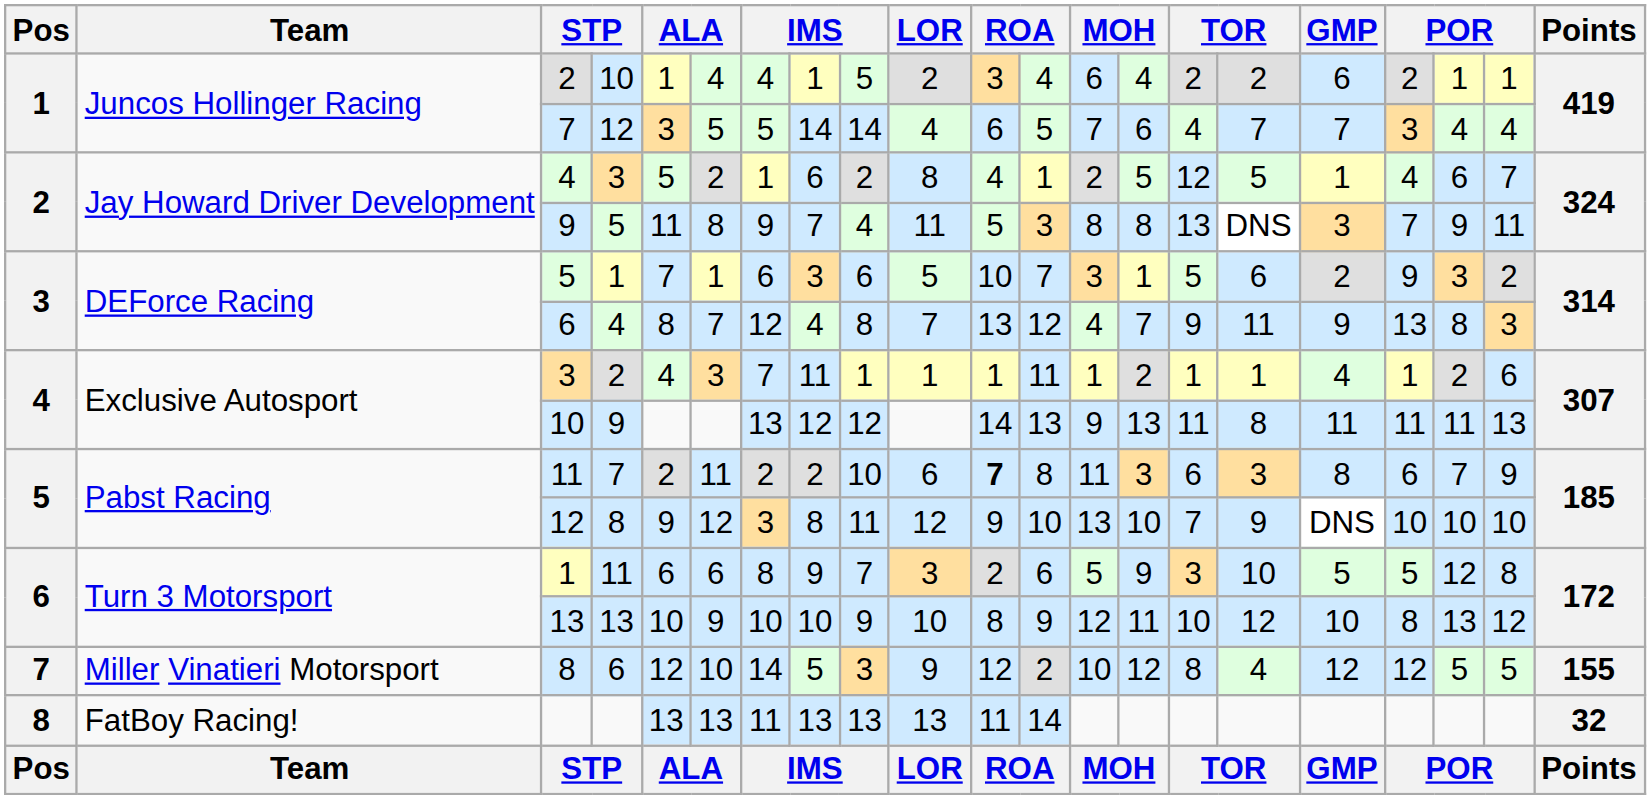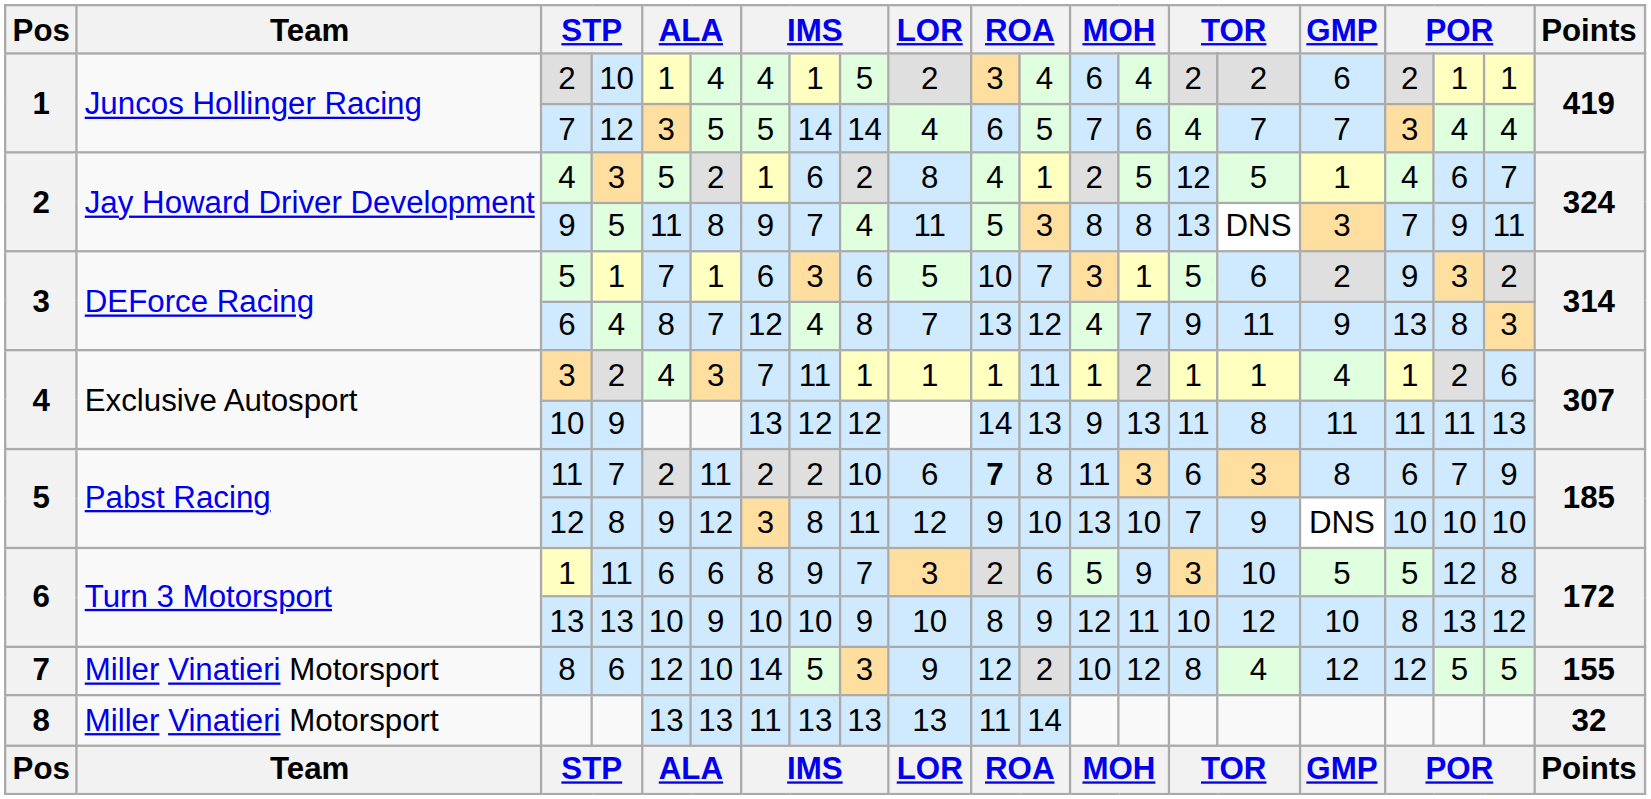 <table class="wikitable" style="font-size:85%; text-align:center">
 <tr>
 <th>Pos</th>
 <th>Team</th>
 <th colspan="2"><a href='#'>STP</a></th>
 <th colspan="2"><a href='#'>ALA</a></th>
 <th colspan="3"><a href='#'>IMS</a></th>
 <th><a href='#'>LOR</a></th>
 <th colspan="2"><a href='#'>ROA</a></th>
 <th colspan="2"><a href='#'>MOH</a></th>
 <th colspan="2"><a href='#'>TOR</a></th>
 <th><a href='#'>GMP</a></th>
 <th colspan="3"><a href='#'>POR</a></th>
 <th>Points</th>
 </tr>
 <tr>
 <th rowspan="2">1</th>
 <td rowspan="2" align="left"><a href='#'>Juncos Hollinger Racing</a></td>
 <td style="background:#DFDFDF;">2</td>
 <td style="background:#CFEAFF;">10</td>
 <td style="background:#FFFFBF;">1</td>
 <td style="background:#DFFFDF;">4</td>
 <td style="background:#DFFFDF;">4</td>
 <td style="background:#FFFFBF;">1</td>
 <td style="background:#DFFFDF;">5</td>
 <td style="background:#DFDFDF;">2</td>
 <td style="background:#FFDF9F;">3</td>
 <td style="background:#DFFFDF;">4</td>
 <td style="background:#CFEAFF;">6</td>
 <td style="background:#DFFFDF;">4</td>
 <td style="background:#DFDFDF;">2</td>
 <td style="background:#DFDFDF;">2</td>
 <td style="background:#CFEAFF;">6</td>
 <td style="background:#DFDFDF;">2</td>
 <td style="background:#FFFFBF;">1</td>
 <td style="background:#FFFFBF;">1</td>
 <th rowspan="2">419</th>
 </tr>
 <tr>
 <td style="background:#CFEAFF;">7</td>
 <td style="background:#CFEAFF;">12</td>
 <td style="background:#FFDF9F;">3</td>
 <td style="background:#DFFFDF;">5</td>
 <td style="background:#DFFFDF;">5</td>
 <td style="background:#CFEAFF;">14</td>
 <td style="background:#CFEAFF;">14</td>
 <td style="background:#DFFFDF;">4</td>
 <td style="background:#CFEAFF;">6</td>
 <td style="background:#DFFFDF;">5</td>
 <td style="background:#CFEAFF;">7</td>
 <td style="background:#CFEAFF;">6</td>
 <td style="background:#DFFFDF;">4</td>
 <td style="background:#CFEAFF;">7</td>
 <td style="background:#CFEAFF;">7</td>
 <td style="background:#FFDF9F;">3</td>
 <td style="background:#DFFFDF;">4</td>
 <td style="background:#DFFFDF;">4</td>
 </tr>
 <tr>
 <th rowspan="2">2</th>
 <td rowspan="2" align="left"><a href='#'>Jay Howard Driver Development</a></td>
 <td style="background:#DFFFDF;">4</td>
 <td style="background:#FFDF9F;">3</td>
 <td style="background:#DFFFDF;">5</td>
 <td style="background:#DFDFDF;">2</td>
 <td style="background:#FFFFBF;">1</td>
 <td style="background:#CFEAFF;">6</td>
 <td style="background:#DFDFDF;">2</td>
 <td style="background:#CFEAFF;">8</td>
 <td style="background:#DFFFDF;">4</td>
 <td style="background:#FFFFBF;">1</td>
 <td style="background:#DFDFDF;">2</td>
 <td style="background:#DFFFDF;">5</td>
 <td style="background:#CFEAFF;">12</td>
 <td style="background:#DFFFDF;">5</td>
 <td style="background:#FFFFBF;">1</td>
 <td style="background:#DFFFDF;">4</td>
 <td style="background:#CFEAFF;">6</td>
 <td style="background:#CFEAFF;">7</td>
 <th rowspan="2">324</th>
 </tr>
 <tr>
 <td style="background:#CFEAFF;">9</td>
 <td style="background:#DFFFDF;">5</td>
 <td style="background:#CFEAFF;">11</td>
 <td style="background:#CFEAFF;">8</td>
 <td style="background:#CFEAFF;">9</td>
 <td style="background:#CFEAFF;">7</td>
 <td style="background:#DFFFDF;">4</td>
 <td style="background:#CFEAFF;">11</td>
 <td style="background:#DFFFDF;">5</td>
 <td style="background:#FFDF9F;">3</td>
 <td style="background:#CFEAFF;">8</td>
 <td style="background:#CFEAFF;">8</td>
 <td style="background:#CFEAFF;">13</td>
 <td style="background:#FFFFFF;">DNS</td>
 <td style="background:#FFDF9F;">3</td>
 <td style="background:#CFEAFF;">7</td>
 <td style="background:#CFEAFF;">9</td>
 <td style="background:#CFEAFF;">11</td>
 </tr>
 <tr>
 <th rowspan="2">3</th>
 <td rowspan="2" align="left"><a href='#'>DEForce Racing</a></td>
 <td style="background:#DFFFDF;">5</td>
 <td style="background:#FFFFBF;">1</td>
 <td style="background:#CFEAFF;">7</td>
 <td style="background:#FFFFBF;">1</td>
 <td style="background:#CFEAFF;">6</td>
 <td style="background:#FFDF9F;">3</td>
 <td style="background:#CFEAFF;">6</td>
 <td style="background:#DFFFDF;">5</td>
 <td style="background:#CFEAFF;">10</td>
 <td style="background:#CFEAFF;">7</td>
 <td style="background:#FFDF9F;">3</td>
 <td style="background:#FFFFBF;">1</td>
 <td style="background:#DFFFDF;">5</td>
 <td style="background:#CFEAFF;">6</td>
 <td style="background:#DFDFDF;">2</td>
 <td style="background:#CFEAFF;">9</td>
 <td style="background:#FFDF9F;">3</td>
 <td style="background:#DFDFDF;">2</td>
 <th rowspan="2">314</th>
 </tr>
 <tr>
 <td style="background:#CFEAFF;">6</td>
 <td style="background:#DFFFDF;">4</td>
 <td style="background:#CFEAFF;">8</td>
 <td style="background:#CFEAFF;">7</td>
 <td style="background:#CFEAFF;">12</td>
 <td style="background:#DFFFDF;">4</td>
 <td style="background:#CFEAFF;">8</td>
 <td style="background:#CFEAFF;">7</td>
 <td style="background:#CFEAFF;">13</td>
 <td style="background:#CFEAFF;">12</td>
 <td style="background:#DFFFDF;">4</td>
 <td style="background:#CFEAFF;">7</td>
 <td style="background:#CFEAFF;">9</td>
 <td style="background:#CFEAFF;">11</td>
 <td style="background:#CFEAFF;">9</td>
 <td style="background:#CFEAFF;">13</td>
 <td style="background:#CFEAFF;">8</td>
 <td style="background:#FFDF9F;">3</td>
 </tr>
 <tr>
 <th rowspan="2">4</th>
 <td rowspan="2" align="left">Exclusive Autosport</td>
 <td style="background:#FFDF9F;">3</td>
 <td style="background:#DFDFDF;">2</td>
 <td style="background:#DFFFDF;">4</td>
 <td style="background:#FFDF9F;">3</td>
 <td style="background:#CFEAFF;">7</td>
 <td style="background:#CFEAFF;">11</td>
 <td style="background:#FFFFBF;">1</td>
 <td style="background:#FFFFBF;">1</td>
 <td style="background:#FFFFBF;">1</td>
 <td style="background:#CFEAFF;">11</td>
 <td style="background:#FFFFBF;">1</td>
 <td style="background:#DFDFDF;">2</td>
 <td style="background:#FFFFBF;">1</td>
 <td style="background:#FFFFBF;">1</td>
 <td style="background:#DFFFDF;">4</td>
 <td style="background:#FFFFBF;">1</td>
 <td style="background:#DFDFDF;">2</td>
 <td style="background:#CFEAFF;">6</td>
 <th rowspan="2">307</th>
 </tr>
 <tr>
 <td style="background:#CFEAFF;">10</td>
 <td style="background:#CFEAFF;">9</td>
 <td></td>
 <td></td>
 <td style="background:#CFEAFF;">13</td>
 <td style="background:#CFEAFF;">12</td>
 <td style="background:#CFEAFF;">12</td>
 <td></td>
 <td style="background:#CFEAFF;">14</td>
 <td style="background:#CFEAFF;">13</td>
 <td style="background:#CFEAFF;">9</td>
 <td style="background:#CFEAFF;">13</td>
 <td style="background:#CFEAFF;">11</td>
 <td style="background:#CFEAFF;">8</td>
 <td style="background:#CFEAFF;">11</td>
 <td style="background:#CFEAFF;">11</td>
 <td style="background:#CFEAFF;">11</td>
 <td style="background:#CFEAFF;">13</td>
 </tr>
 <tr>
 <th rowspan="2">5</th>
 <td rowspan="2" align="left"><a href='#'>Pabst Racing</a></td>
 <td style="background:#CFEAFF;">11</td>
 <td style="background:#CFEAFF;">7</td>
 <td style="background:#DFDFDF;">2</td>
 <td style="background:#CFEAFF;">11</td>
 <td style="background:#DFDFDF;">2</td>
 <td style="background:#DFDFDF;">2</td>
 <td style="background:#CFEAFF;">10</td>
 <td style="background:#CFEAFF;">6</td>
 <td style="background:#CFEAFF;"><strong>7</strong></td>
 <td style="background:#CFEAFF;">8</td>
 <td style="background:#CFEAFF;">11</td>
 <td style="background:#FFDF9F;">3</td>
 <td style="background:#CFEAFF;">6</td>
 <td style="background:#FFDF9F;">3</td>
 <td style="background:#CFEAFF;">8</td>
 <td style="background:#CFEAFF;">6</td>
 <td style="background:#CFEAFF;">7</td>
 <td style="background:#CFEAFF;">9</td>
 <th rowspan="2">185</th>
 </tr>
 <tr>
 <td style="background:#CFEAFF;">12</td>
 <td style="background:#CFEAFF;">8</td>
 <td style="background:#CFEAFF;">9</td>
 <td style="background:#CFEAFF;">12</td>
 <td style="background:#FFDF9F;">3</td>
 <td style="background:#CFEAFF;">8</td>
 <td style="background:#CFEAFF;">11</td>
 <td style="background:#CFEAFF;">12</td>
 <td style="background:#CFEAFF;">9</td>
 <td style="background:#CFEAFF;">10</td>
 <td style="background:#CFEAFF;">13</td>
 <td style="background:#CFEAFF;">10</td>
 <td style="background:#CFEAFF;">7</td>
 <td style="background:#CFEAFF;">9</td>
 <td style="background:#FFFFFF;">DNS</td>
 <td style="background:#CFEAFF;">10</td>
 <td style="background:#CFEAFF;">10</td>
 <td style="background:#CFEAFF;">10</td>
 </tr>
 <tr>
 <th rowspan="2">6</th>
 <td rowspan="2" align="left"><a href='#'>Turn 3 Motorsport</a></td>
 <td style="background:#FFFFBF;">1</td>
 <td style="background:#CFEAFF;">11</td>
 <td style="background:#CFEAFF;">6</td>
 <td style="background:#CFEAFF;">6</td>
 <td style="background:#CFEAFF;">8</td>
 <td style="background:#CFEAFF;">9</td>
 <td style="background:#CFEAFF;">7</td>
 <td style="background:#FFDF9F;">3</td>
 <td style="background:#DFDFDF;">2</td>
 <td style="background:#CFEAFF;">6</td>
 <td style="background:#DFFFDF;">5</td>
 <td style="background:#CFEAFF;">9</td>
 <td style="background:#FFDF9F;">3</td>
 <td style="background:#CFEAFF;">10</td>
 <td style="background:#DFFFDF;">5</td>
 <td style="background:#DFFFDF;">5</td>
 <td style="background:#CFEAFF;">12</td>
 <td style="background:#CFEAFF;">8</td>
 <th rowspan="2">172</th>
 </tr>
 <tr>
 <td style="background:#CFEAFF;">13</td>
 <td style="background:#CFEAFF;">13</td>
 <td style="background:#CFEAFF;">10</td>
 <td style="background:#CFEAFF;">9</td>
 <td style="background:#CFEAFF;">10</td>
 <td style="background:#CFEAFF;">10</td>
 <td style="background:#CFEAFF;">9</td>
 <td style="background:#CFEAFF;">10</td>
 <td style="background:#CFEAFF;">8</td>
 <td style="background:#CFEAFF;">9</td>
 <td style="background:#CFEAFF;">12</td>
 <td style="background:#CFEAFF;">11</td>
 <td style="background:#CFEAFF;">10</td>
 <td style="background:#CFEAFF;">12</td>
 <td style="background:#CFEAFF;">10</td>
 <td style="background:#CFEAFF;">8</td>
 <td style="background:#CFEAFF;">13</td>
 <td style="background:#CFEAFF;">12</td>
 </tr>
 <tr>
 <th>7</th>
 <td align="left"><a href='#'>Miller</a> <a href='#'>Vinatieri</a> Motorsport</td>
 <td style="background:#CFEAFF;">8</td>
 <td style="background:#CFEAFF;">6</td>
 <td style="background:#CFEAFF;">12</td>
 <td style="background:#CFEAFF;">10</td>
 <td style="background:#CFEAFF;">14</td>
 <td style="background:#DFFFDF;">5</td>
 <td style="background:#FFDF9F;">3</td>
 <td style="background:#CFEAFF;">9</td>
 <td style="background:#CFEAFF;">12</td>
 <td style="background:#DFDFDF;">2</td>
 <td style="background:#CFEAFF;">10</td>
 <td style="background:#CFEAFF;">12</td>
 <td style="background:#CFEAFF;">8</td>
 <td style="background:#DFFFDF;">4</td>
 <td style="background:#CFEAFF;">12</td>
 <td style="background:#CFEAFF;">12</td>
 <td style="background:#DFFFDF;">5</td>
 <td style="background:#DFFFDF;">5</td>
 <th>155</th>
 </tr>
 <tr>
 <th>8</th>
-<td align="left">FatBoy Racing!</td>
+<td align="left"><a href='#'>Miller</a> <a href='#'>Vinatieri</a> Motorsport</td>
 <td></td>
 <td></td>
 <td style="background:#CFEAFF;">13</td>
 <td style="background:#CFEAFF;">13</td>
 <td style="background:#CFEAFF;">11</td>
 <td style="background:#CFEAFF;">13</td>
 <td style="background:#CFEAFF;">13</td>
 <td style="background:#CFEAFF;">13</td>
 <td style="background:#CFEAFF;">11</td>
 <td style="background:#CFEAFF;">14</td>
 <td></td>
 <td></td>
 <td></td>
 <td></td>
 <td></td>
 <td></td>
 <td></td>
 <td></td>
 <th>32</th>
 </tr>
 <tr>
 <th>Pos</th>
 <th>Team</th>
 <th colspan="2"><a href='#'>STP</a></th>
 <th colspan="2"><a href='#'>ALA</a></th>
 <th colspan="3"><a href='#'>IMS</a></th>
 <th><a href='#'>LOR</a></th>
 <th colspan="2"><a href='#'>ROA</a></th>
 <th colspan="2"><a href='#'>MOH</a></th>
 <th colspan="2"><a href='#'>TOR</a></th>
 <th><a href='#'>GMP</a></th>
 <th colspan="3"><a href='#'>POR</a></th>
 <th>Points</th>
 </tr>
 </table>
